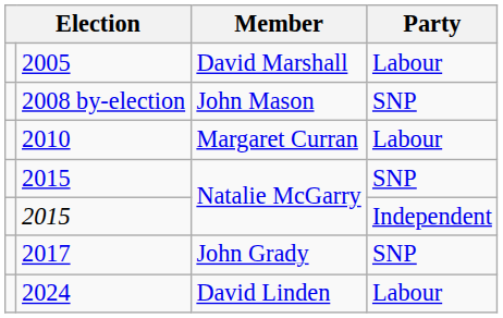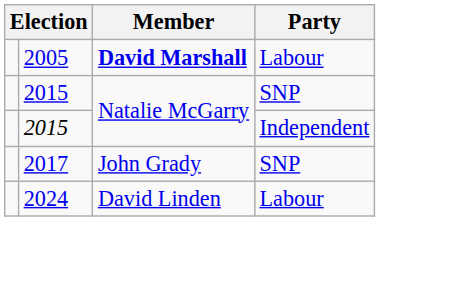 <table class="wikitable">
 <tr>
 <th colspan="2">Election</th>
 <th>Member</th>
 <th>Party</th>
 </tr>
 <tr>
 <td style="color:inherit;background-color: "></td>
 <td><a href='#'>2005</a></td>
-<td><a href='#'>David Marshall</a></td>
-<td><a href='#'>Labour</a></td>
-</tr>
-<tr>
-<td style="color:inherit;background-color: "></td>
-<td><a href='#'>2008 by-election</a></td>
-<td><a href='#'>John Mason</a></td>
-<td><a href='#'>SNP</a></td>
-</tr>
-<tr>
-<td style="color:inherit;background-color: "></td>
-<td><a href='#'>2010</a></td>
-<td><a href='#'>Margaret Curran</a></td>
+<td><strong><a href='#'>David Marshall</a></strong></td>
 <td><a href='#'>Labour</a></td>
 </tr>
 <tr>
 <td style="color:inherit;background-color: "></td>
 <td><a href='#'>2015</a></td>
 <td rowspan="2"><a href='#'>Natalie McGarry</a></td>
 <td><a href='#'>SNP</a></td>
 </tr>
 <tr>
 <td style="color:inherit;background-color: "></td>
 <td><em>2015</em></td>
 <td><a href='#'>Independent</a></td>
 </tr>
 <tr>
 <td style="color:inherit;background-color: "></td>
 <td><a href='#'>2017</a></td>
 <td><a href='#'>John Grady</a></td>
 <td><a href='#'>SNP</a></td>
 </tr>
 <tr>
 <td style="color:inherit;background-color: "></td>
 <td><a href='#'>2024</a></td>
 <td><a href='#'>David Linden</a></td>
 <td><a href='#'>Labour</a></td>
 </tr>
 </table>
